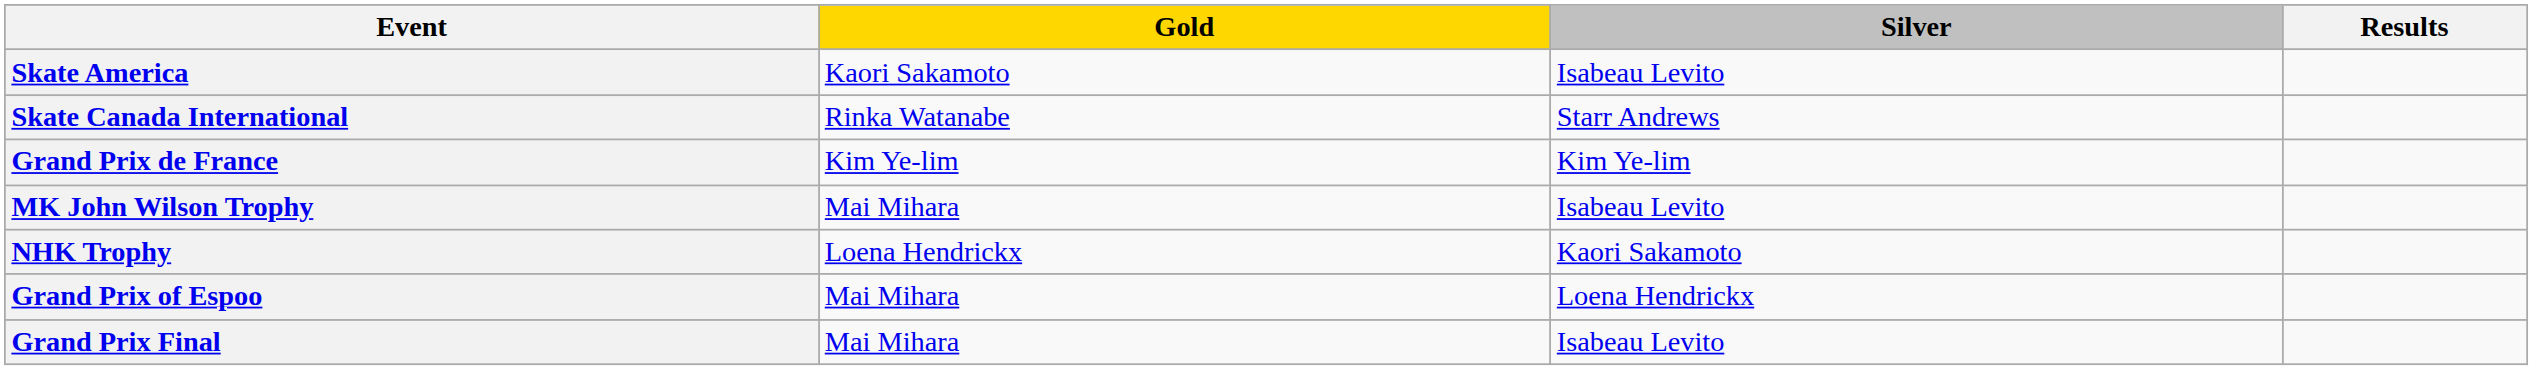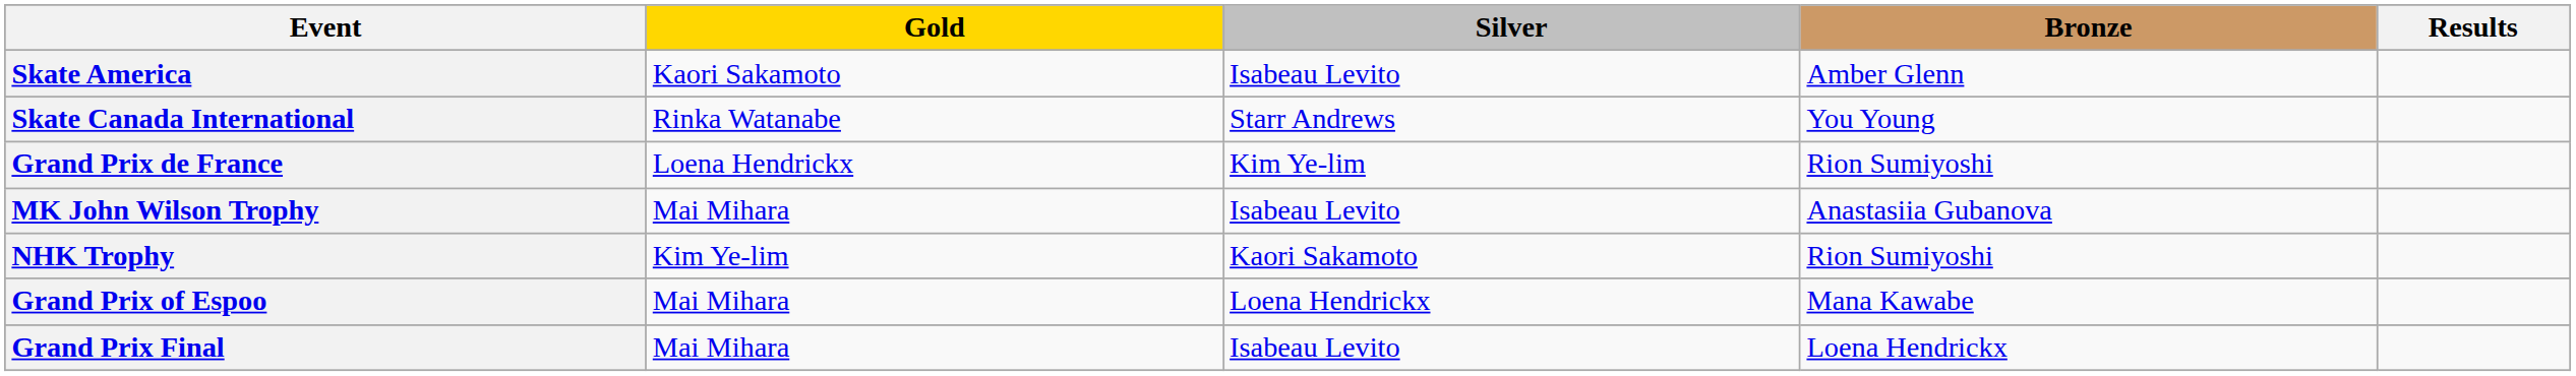 <table class="wikitable unsortable" style="text-align:left; width:90%;">
 <tr>
 <th scope="col" style="text-align:center; width:25%;">Event</th>
 <td scope="col" style="text-align:center; width:22.5%; background:gold"><strong>Gold</strong></td>
 <td scope="col" style="text-align:center; width:22.5%; background:silver"><strong>Silver</strong></td>
+<td scope="col" style="text-align:center; width:22.5%; background:#c96"><strong>Bronze</strong></td>
 <th scope="col" style="text-align:center; width:7.5%;">Results</th>
 </tr>
 <tr>
 <th scope="row" style="text-align:left"> <a href='#'>Skate America</a></th>
 <td> <a href='#'>Kaori Sakamoto</a></td>
 <td> <a href='#'>Isabeau Levito</a></td>
+<td> <a href='#'>Amber Glenn</a></td>
 <td></td>
 </tr>
 <tr>
 <th scope="row" style="text-align:left"> <a href='#'>Skate Canada International</a></th>
 <td> <a href='#'>Rinka Watanabe</a></td>
 <td> <a href='#'>Starr Andrews</a></td>
+<td> <a href='#'>You Young</a></td>
 <td></td>
 </tr>
 <tr>
 <th scope="row" style="text-align:left"> <a href='#'>Grand Prix de France</a></th>
+<td> <a href='#'>Loena Hendrickx</a></td>
 <td> <a href='#'>Kim Ye-lim</a></td>
-<td> <a href='#'>Kim Ye-lim</a></td>
+<td> <a href='#'>Rion Sumiyoshi</a></td>
 <td></td>
 </tr>
 <tr>
 <th scope="row" style="text-align:left"> <a href='#'>MK John Wilson Trophy</a></th>
 <td> <a href='#'>Mai Mihara</a></td>
 <td> <a href='#'>Isabeau Levito</a></td>
+<td> <a href='#'>Anastasiia Gubanova</a></td>
 <td></td>
 </tr>
 <tr>
 <th scope="row" style="text-align:left"> <a href='#'>NHK Trophy</a></th>
-<td> <a href='#'>Loena Hendrickx</a></td>
+<td> <a href='#'>Kim Ye-lim</a></td>
 <td> <a href='#'>Kaori Sakamoto</a></td>
+<td> <a href='#'>Rion Sumiyoshi</a></td>
 <td></td>
 </tr>
 <tr>
 <th scope="row" style="text-align:left"> <a href='#'>Grand Prix of Espoo</a></th>
 <td> <a href='#'>Mai Mihara</a></td>
 <td> <a href='#'>Loena Hendrickx</a></td>
+<td> <a href='#'>Mana Kawabe</a></td>
 <td></td>
 </tr>
 <tr>
 <th scope="row" style="text-align:left"> <a href='#'>Grand Prix Final</a></th>
 <td> <a href='#'>Mai Mihara</a></td>
 <td> <a href='#'>Isabeau Levito</a></td>
+<td> <a href='#'>Loena Hendrickx</a></td>
 <td></td>
 </tr>
 </table>
